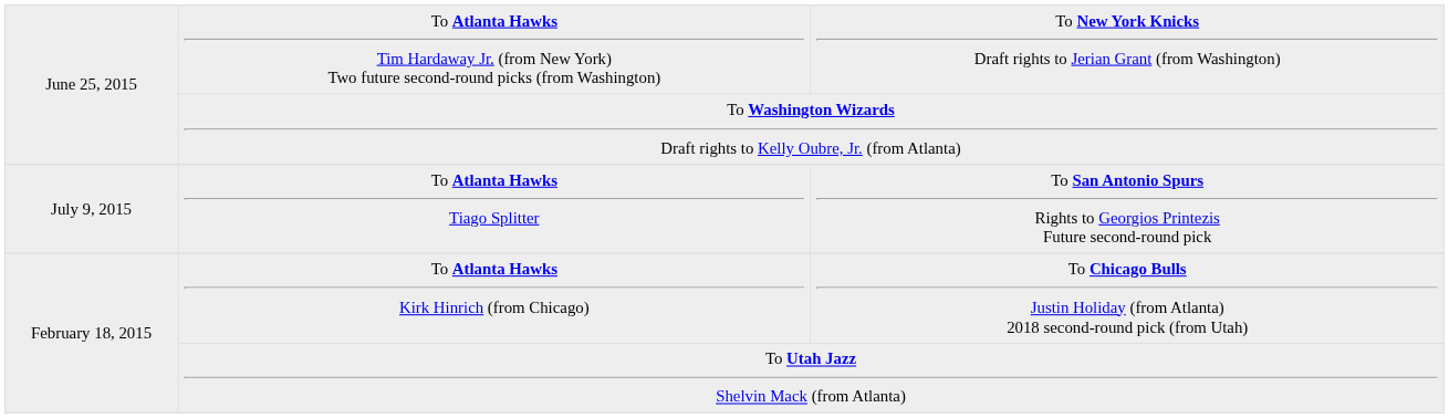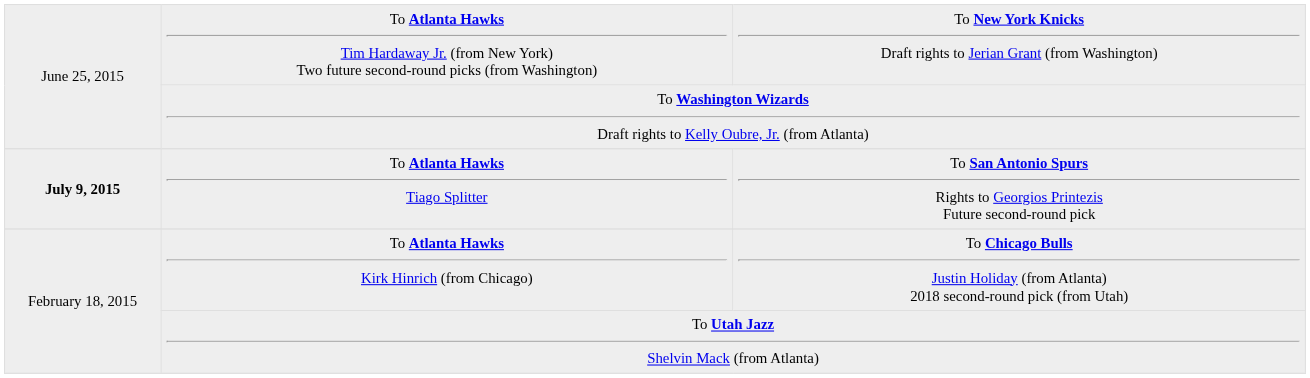 <table border=1 style="border-collapse:collapse; font-size:90%; text-align: center; width: 100%" bordercolor="#DFDFDF"  cellpadding="5">
 <tr bgcolor="eeeeee">
 <td rowspan=2>June 25, 2015</td>
 <td style="width:44%" valign="top">To <strong><a href='#'>Atlanta Hawks</a></strong><hr><a href='#'>Tim Hardaway Jr.</a> (from New York)<br>Two future second-round picks (from Washington)</td>
 <td style="width:44%" valign="top">To <strong><a href='#'>New York Knicks</a></strong><hr>Draft rights to <a href='#'>Jerian Grant</a> (from Washington)</td>
 </tr>
 <tr bgcolor="eeeeee">
 <td colspan="3">To <strong><a href='#'>Washington Wizards</a></strong><hr>Draft rights to <a href='#'>Kelly Oubre, Jr.</a> (from Atlanta)</td>
 </tr>
 <tr>
 </tr>
 <tr bgcolor="eeeeee">
-<td rowspan=1>July 9, 2015</td>
+<td rowspan=1><strong>July 9, 2015</strong></td>
 <td style="width:44%" valign="top">To <strong><a href='#'>Atlanta Hawks</a></strong><hr><a href='#'>Tiago Splitter</a></td>
 <td style="width:44%" valign="top">To <strong><a href='#'>San Antonio Spurs</a></strong><hr>Rights to <a href='#'>Georgios Printezis</a><br>Future second-round pick</td>
 </tr>
 <tr>
 </tr>
 <tr bgcolor="eeeeee">
 <td rowspan=2>February 18, 2015</td>
 <td style="width:44%" valign="top">To <strong><a href='#'>Atlanta Hawks</a></strong><hr><a href='#'>Kirk Hinrich</a> (from Chicago)</td>
 <td style="width:44%" valign="top">To <strong><a href='#'>Chicago Bulls</a></strong><hr><a href='#'>Justin Holiday</a> (from Atlanta)<br>2018 second-round pick (from Utah)</td>
 </tr>
 <tr bgcolor="eeeeee">
 <td colspan="3">To <strong><a href='#'>Utah Jazz</a></strong><hr><a href='#'>Shelvin Mack</a> (from Atlanta)</td>
 </tr>
 <tr>
 </tr>
 </table>
